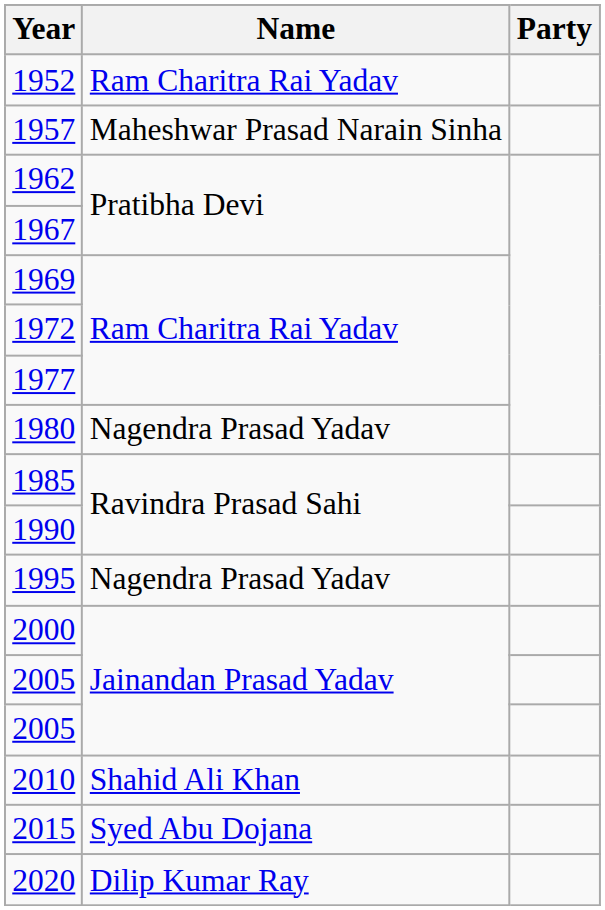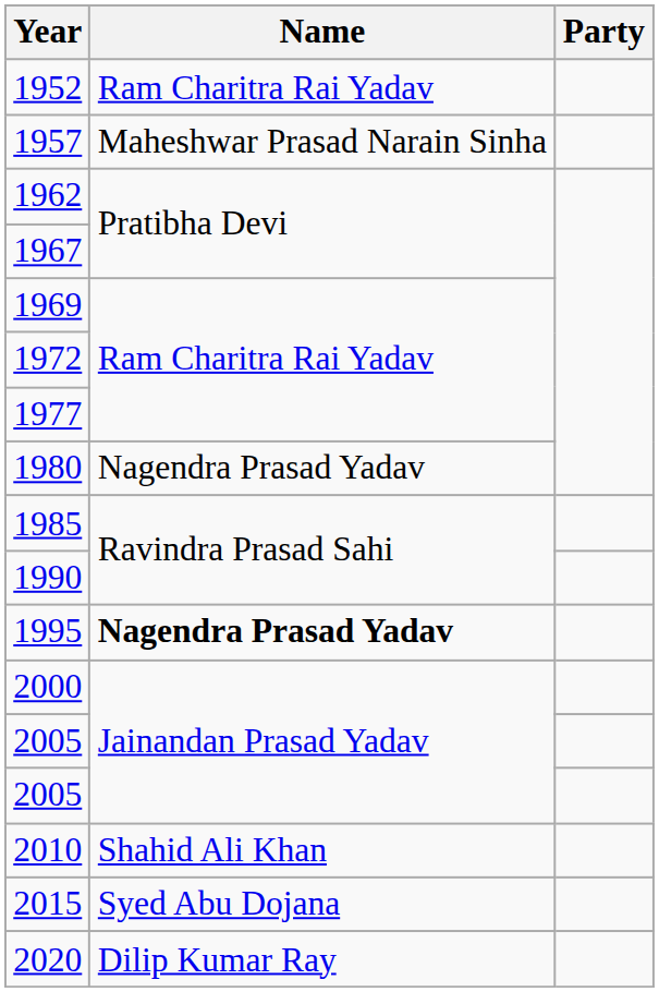 <table class="wikitable sortable">
 <tr>
 <th>Year</th>
 <th>Name</th>
 <th colspan="2">Party</th>
 </tr>
 <tr>
 <td><a href='#'>1952</a></td>
 <td><a href='#'>Ram Charitra Rai Yadav</a></td>
 <td></td>
 </tr>
 <tr>
 <td><a href='#'>1957</a></td>
 <td>Maheshwar Prasad Narain Sinha</td>
 <td></td>
 </tr>
 <tr>
 <td><a href='#'>1962</a></td>
 <td rowspan="2">Pratibha Devi</td>
 </tr>
 <tr>
 <td><a href='#'>1967</a></td>
 </tr>
 <tr>
 <td><a href='#'>1969</a></td>
 <td rowspan="3"><a href='#'>Ram Charitra Rai Yadav</a></td>
 </tr>
 <tr>
 <td><a href='#'>1972</a></td>
 </tr>
 <tr>
 <td><a href='#'>1977</a></td>
 </tr>
 <tr>
 <td><a href='#'>1980</a></td>
 <td>Nagendra Prasad Yadav</td>
 </tr>
 <tr>
 <td><a href='#'>1985</a></td>
 <td rowspan="2">Ravindra Prasad Sahi</td>
 <td></td>
 </tr>
 <tr>
 <td><a href='#'>1990</a></td>
 <td></td>
 </tr>
 <tr>
 <td><a href='#'>1995</a></td>
-<td>Nagendra Prasad Yadav</td>
+<td><strong>Nagendra Prasad Yadav</strong></td>
 <td></td>
 </tr>
 <tr>
 <td><a href='#'>2000</a></td>
 <td rowspan="3"><a href='#'>Jainandan Prasad Yadav</a></td>
 <td></td>
 </tr>
 <tr>
 <td><a href='#'>2005</a></td>
 <td></td>
 </tr>
 <tr>
 <td><a href='#'>2005</a></td>
 </tr>
 <tr>
 <td><a href='#'>2010</a></td>
 <td><a href='#'>Shahid Ali Khan</a></td>
 <td></td>
 </tr>
 <tr>
 <td><a href='#'>2015</a></td>
 <td><a href='#'>Syed Abu Dojana</a></td>
 <td></td>
 </tr>
 <tr>
 <td><a href='#'>2020</a></td>
 <td><a href='#'>Dilip Kumar Ray</a></td>
 <td></td>
 </tr>
 </table>
